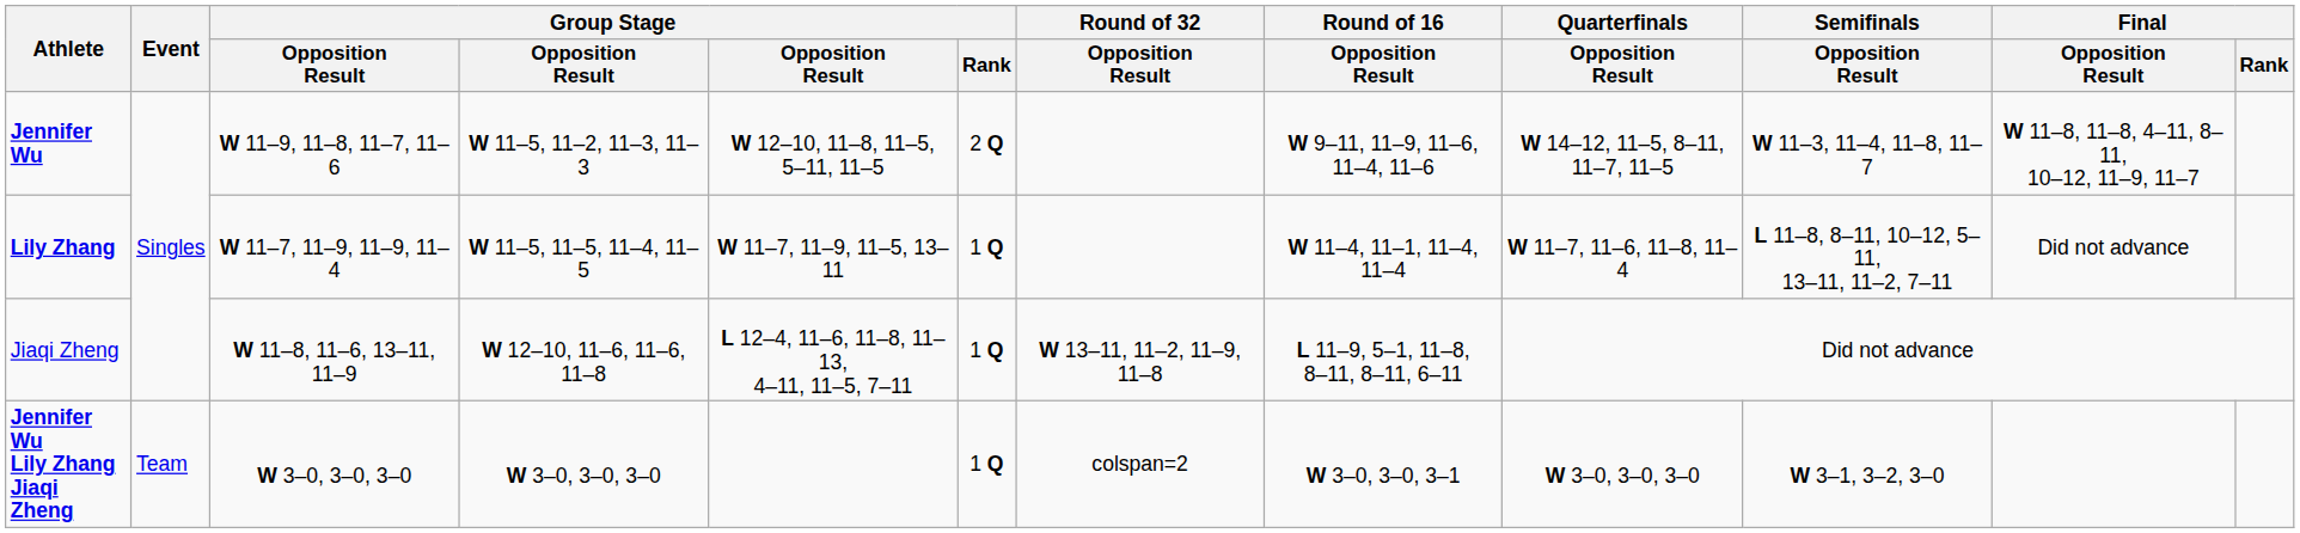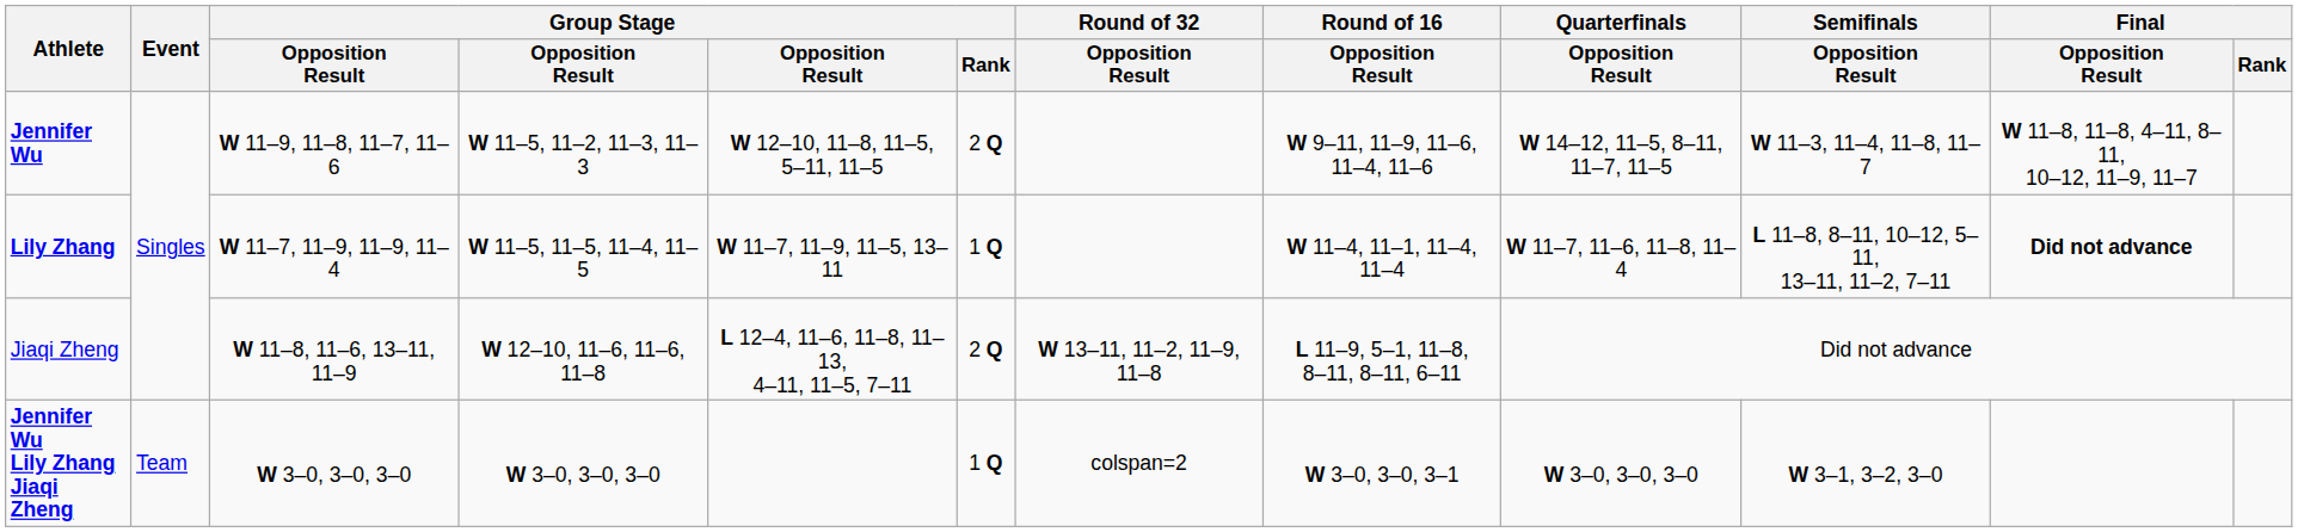 <table class="wikitable" style="font-size:90%">
 <tr>
 <th rowspan=2>Athlete</th>
 <th rowspan=2>Event</th>
 <th colspan=4>Group Stage</th>
 <th>Round of 32</th>
 <th>Round of 16</th>
 <th>Quarterfinals</th>
 <th>Semifinals</th>
 <th colspan=2>Final</th>
 </tr>
 <tr style="font-size:95%">
 <th>Opposition<br>Result</th>
 <th>Opposition<br>Result</th>
 <th>Opposition<br>Result</th>
 <th>Rank</th>
 <th>Opposition<br>Result</th>
 <th>Opposition<br>Result</th>
 <th>Opposition<br>Result</th>
 <th>Opposition<br>Result</th>
 <th>Opposition<br>Result</th>
 <th>Rank</th>
 </tr>
 <tr align=center>
 <td align=left><strong><a href='#'>Jennifer Wu</a></strong></td>
 <td align=left rowspan=3><a href='#'>Singles</a></td>
 <td><br><strong>W</strong> 11–9, 11–8, 11–7, 11–6</td>
 <td><br><strong>W</strong> 11–5, 11–2, 11–3, 11–3</td>
 <td><br><strong>W</strong> 12–10, 11–8, 11–5,<br>5–11, 11–5</td>
 <td>2 <strong>Q</strong></td>
 <td></td>
 <td><br><strong>W</strong> 9–11, 11–9, 11–6,<br>11–4, 11–6</td>
 <td><br><strong>W</strong> 14–12, 11–5, 8–11,<br>11–7, 11–5</td>
 <td><br><strong>W</strong> 11–3, 11–4, 11–8, 11–7</td>
 <td><br><strong>W</strong> 11–8, 11–8, 4–11, 8–11,<br>10–12, 11–9, 11–7</td>
 <td></td>
 </tr>
 <tr align=center>
 <td align=left><strong><a href='#'>Lily Zhang</a></strong></td>
 <td><br><strong>W</strong> 11–7, 11–9, 11–9, 11–4</td>
 <td><br><strong>W</strong> 11–5, 11–5, 11–4, 11–5</td>
 <td><br><strong>W</strong> 11–7, 11–9, 11–5, 13–11</td>
 <td>1 <strong>Q</strong></td>
 <td></td>
 <td><br><strong>W</strong> 11–4, 11–1, 11–4, 11–4</td>
 <td><br><strong>W</strong> 11–7, 11–6, 11–8, 11–4</td>
 <td><br><strong>L</strong> 11–8, 8–11, 10–12, 5–11,<br>13–11, 11–2, 7–11</td>
-<td>Did not advance</td>
+<td><strong>Did not advance</strong></td>
 <td></td>
 </tr>
 <tr align=center>
 <td align=left><a href='#'>Jiaqi Zheng</a></td>
 <td><br><strong>W</strong> 11–8, 11–6, 13–11, 11–9</td>
 <td><br><strong>W</strong> 12–10, 11–6, 11–6, 11–8</td>
 <td><br><strong>L</strong> 12–4, 11–6, 11–8, 11–13,<br>4–11, 11–5, 7–11</td>
-<td>1 <strong>Q</strong></td>
+<td>2 <strong>Q</strong></td>
 <td><br><strong>W</strong> 13–11, 11–2, 11–9, 11–8</td>
 <td><br><strong>L</strong> 11–9, 5–1, 11–8,<br>8–11, 8–11, 6–11</td>
 <td colspan=4>Did not advance</td>
 </tr>
 <tr align=center>
 <td align=left><strong><a href='#'>Jennifer Wu</a><br><a href='#'>Lily Zhang</a><br><a href='#'>Jiaqi Zheng</a></strong></td>
 <td align=left><a href='#'>Team</a></td>
 <td><br><strong>W</strong> 3–0, 3–0, 3–0</td>
 <td><br><strong>W</strong> 3–0, 3–0, 3–0</td>
 <td></td>
 <td>1 <strong>Q</strong></td>
 <td>colspan=2 </td>
 <td><br><strong>W</strong> 3–0, 3–0, 3–1</td>
 <td><br><strong>W</strong> 3–0, 3–0, 3–0</td>
 <td><br><strong>W</strong> 3–1, 3–2, 3–0</td>
 <td></td>
 </tr>
 </table>
